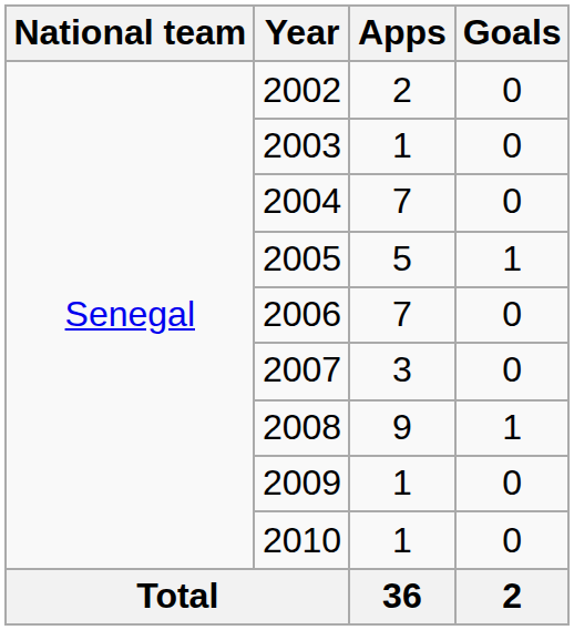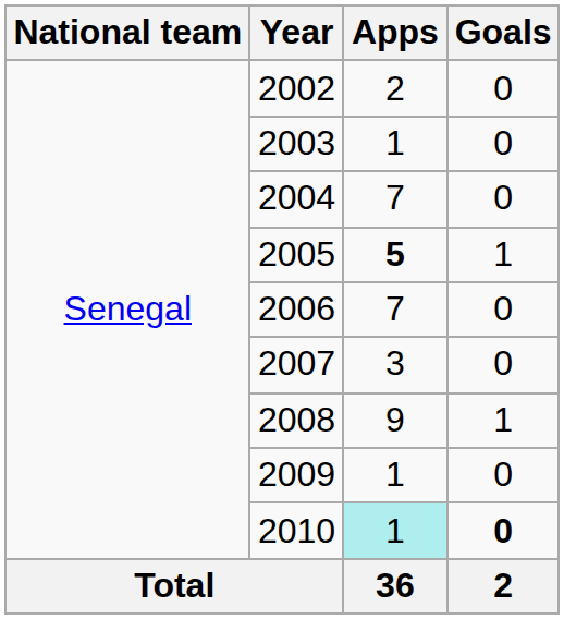 <table class=wikitable style="text-align: center">
 <tr>
 <th>National team</th>
 <th>Year</th>
 <th>Apps</th>
 <th>Goals</th>
 </tr>
 <tr>
 <td rowspan=9><a href='#'>Senegal</a></td>
 <td>2002</td>
 <td>2</td>
 <td>0</td>
 </tr>
 <tr>
 <td>2003</td>
 <td>1</td>
 <td>0</td>
 </tr>
 <tr>
 <td>2004</td>
 <td>7</td>
 <td>0</td>
 </tr>
 <tr>
 <td>2005</td>
-<td>5</td>
+<td><strong>5</strong></td>
 <td>1</td>
 </tr>
 <tr>
 <td>2006</td>
 <td>7</td>
 <td>0</td>
 </tr>
 <tr>
 <td>2007</td>
 <td>3</td>
 <td>0</td>
 </tr>
 <tr>
 <td>2008</td>
 <td>9</td>
 <td>1</td>
 </tr>
 <tr>
 <td>2009</td>
 <td>1</td>
 <td>0</td>
 </tr>
 <tr>
 <td>2010</td>
-<td>1</td>
-<td>0</td>
+<td style="background: paleturquoise;">1</td>
+<td><strong>0</strong></td>
 </tr>
 <tr>
 <th colspan=2>Total</th>
 <th>36</th>
 <th>2</th>
 </tr>
 </table>
